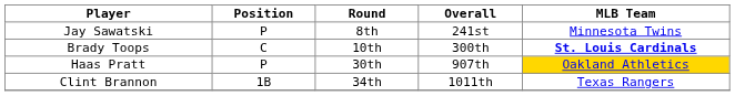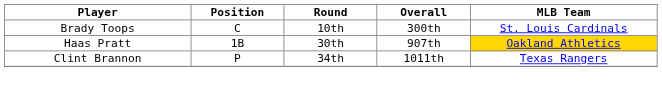 <table class="toccolours" border=1 style="text-align:center; border-collapse:collapse;">
 <tr>
 <th style="width:20%; ">Player</th>
 <th style="width:10%; ">Position</th>
 <th style="width:10%; ">Round</th>
 <th style="width:10%; ">Overall</th>
 <th style="width:20%; ">MLB Team</th>
 </tr>
 <tr>
-<td>Jay Sawatski</td>
-<td>P</td>
-<td>8th</td>
-<td>241st</td>
-<td><a href='#'>Minnesota Twins</a></td>
-</tr>
-<tr>
 <td>Brady Toops</td>
 <td>C</td>
 <td>10th</td>
 <td>300th</td>
-<td><strong><a href='#'>St. Louis Cardinals</a></strong></td>
+<td><a href='#'>St. Louis Cardinals</a></td>
 </tr>
 <tr>
 <td>Haas Pratt</td>
-<td>P</td>
+<td>1B</td>
 <td>30th</td>
 <td>907th</td>
 <td style="background: gold;"><a href='#'>Oakland Athletics</a></td>
 </tr>
 <tr>
 <td>Clint Brannon</td>
-<td>1B</td>
+<td>P</td>
 <td>34th</td>
 <td>1011th</td>
 <td><a href='#'>Texas Rangers</a></td>
 </tr>
 <tr>
 </tr>
 </table>
